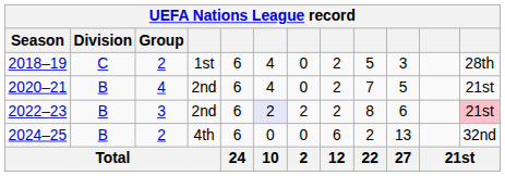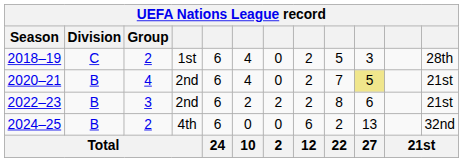 <table class="wikitable" style="text-align: center;">
 <tr>
 <th colspan=13><a href='#'>UEFA Nations League</a> record</th>
 </tr>
 <tr>
 <th>Season</th>
 <th>Division</th>
 <th>Group</th>
 <th width=28></th>
 <th width=28></th>
 <th width=28></th>
 <th width=28></th>
 <th width=28></th>
 <th width=28></th>
 <th width=28></th>
 <th width=35></th>
 <th width=28></th>
 </tr>
 <tr>
 <td><a href='#'>2018–19</a></td>
 <td><a href='#'>C</a></td>
 <td><a href='#'>2</a></td>
 <td>1st</td>
 <td>6</td>
 <td>4</td>
 <td>0</td>
 <td>2</td>
 <td>5</td>
 <td>3</td>
 <td></td>
 <td>28th</td>
 </tr>
 <tr>
 <td><a href='#'>2020–21</a></td>
 <td><a href='#'>B</a></td>
 <td><a href='#'>4</a></td>
 <td>2nd</td>
 <td>6</td>
 <td>4</td>
 <td>0</td>
 <td>2</td>
 <td>7</td>
-<td>5</td>
+<td style="background: khaki;">5</td>
 <td></td>
 <td>21st</td>
 </tr>
 <tr>
 <td><a href='#'>2022–23</a></td>
 <td><a href='#'>B</a></td>
 <td><a href='#'>3</a></td>
 <td>2nd</td>
 <td>6</td>
-<td style="background: lavender;">2</td>
+<td>2</td>
 <td>2</td>
 <td>2</td>
 <td>8</td>
 <td>6</td>
 <td></td>
-<td style="background: pink;">21st</td>
+<td>21st</td>
 </tr>
 <tr>
 <td><a href='#'>2024–25</a></td>
 <td><a href='#'>B</a></td>
 <td><a href='#'>2</a></td>
 <td>4th</td>
 <td>6</td>
 <td>0</td>
 <td>0</td>
 <td>6</td>
 <td>2</td>
 <td>13</td>
 <td></td>
 <td>32nd</td>
 </tr>
 <tr>
 <th colspan=4>Total</th>
 <th>24</th>
 <th>10</th>
 <th>2</th>
 <th>12</th>
 <th>22</th>
 <th>27</th>
 <th colspan=2>21st</th>
 </tr>
 </table>
